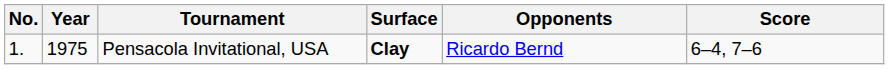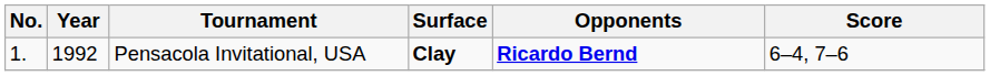 <table class="sortable wikitable" style=font-size:97%>
 <tr>
 <th style="width:20px" class="unsortable">No.</th>
 <th style="width:40px">Year</th>
 <th style="width:220px">Tournament</th>
 <th style="width:50px">Surface</th>
 <th style="width:200px">Opponents</th>
 <th style="width:160px" class="unsortable">Score</th>
 </tr>
 <tr>
 <td>1.</td>
-<td>1975</td>
+<td>1992</td>
 <td>Pensacola Invitational, USA</td>
 <td><strong>Clay</strong></td>
-<td> <a href='#'>Ricardo Bernd</a></td>
+<td><strong> <a href='#'>Ricardo Bernd</a></strong></td>
 <td>6–4, 7–6</td>
 </tr>
 <tr>
 </tr>
 </table>
